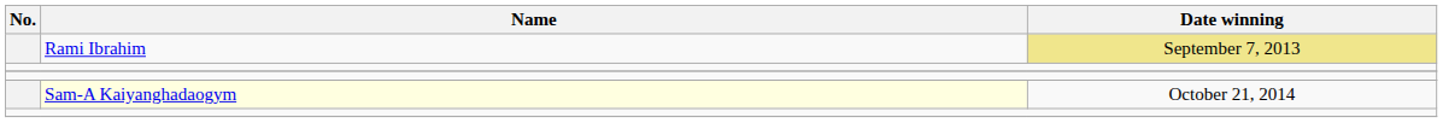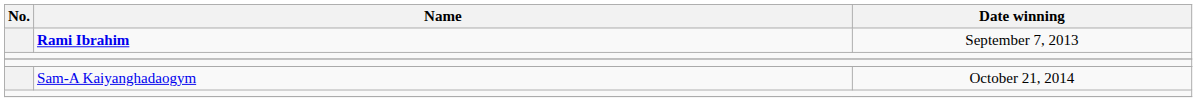 <table class="wikitable" width=100%>
 <tr>
 <th style="width:1%;">No.</th>
 <th style="width:70%;">Name</th>
 <th style="width:29%;">Date winning</th>
 </tr>
 <tr align=center>
 <th></th>
-<td align=left> <a href='#'>Rami Ibrahim</a></td>
-<td style="background: khaki;">September 7, 2013</td>
+<td align=left><strong> <a href='#'>Rami Ibrahim</a></strong></td>
+<td>September 7, 2013</td>
 </tr>
 <tr>
 <td colspan="6"></td>
 </tr>
 <tr>
 </tr>
 <tr>
 <td colspan="6"></td>
 </tr>
 <tr>
 </tr>
 <tr align=center>
 <th></th>
-<td align=left style="background: lightyellow;"> <a href='#'>Sam-A Kaiyanghadaogym</a></td>
+<td align=left> <a href='#'>Sam-A Kaiyanghadaogym</a></td>
 <td>October 21, 2014</td>
 </tr>
 <tr>
 <td colspan="6"></td>
 </tr>
 <tr>
 </tr>
 </table>
